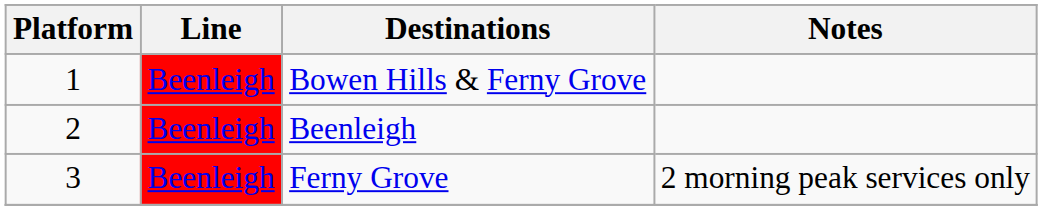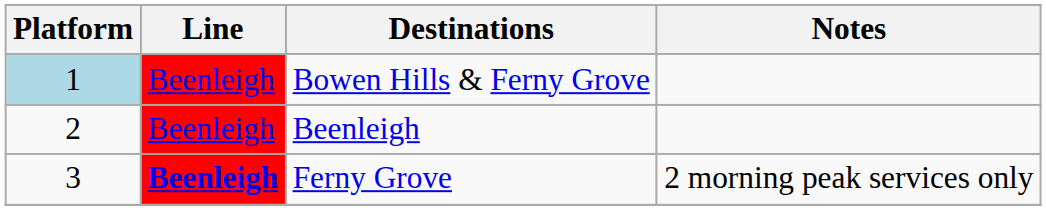 <table class="wikitable" style="float: none; margin: 0.5em; ">
 <tr>
 <th>Platform</th>
 <th>Line</th>
 <th>Destinations</th>
 <th>Notes</th>
 </tr>
 <tr>
-<td style="text-align:center;">1</td>
+<td style="background: lightblue; text-align:center;">1</td>
 <td style=background:red><a href='#'><span>Beenleigh</span></a></td>
 <td><a href='#'>Bowen Hills</a> & <a href='#'>Ferny Grove</a></td>
 <td></td>
 </tr>
 <tr>
 <td style="text-align:center;">2</td>
 <td style=background:red><a href='#'><span>Beenleigh</span></a></td>
 <td><a href='#'>Beenleigh</a></td>
 <td></td>
 </tr>
 <tr>
 <td style="text-align:center;">3</td>
-<td style=background:red><a href='#'><span>Beenleigh</span></a></td>
+<td style=background:red><strong><a href='#'><span>Beenleigh</span></a></strong></td>
 <td><a href='#'>Ferny Grove</a></td>
 <td>2 morning peak services only</td>
 </tr>
 <tr>
 </tr>
 </table>
